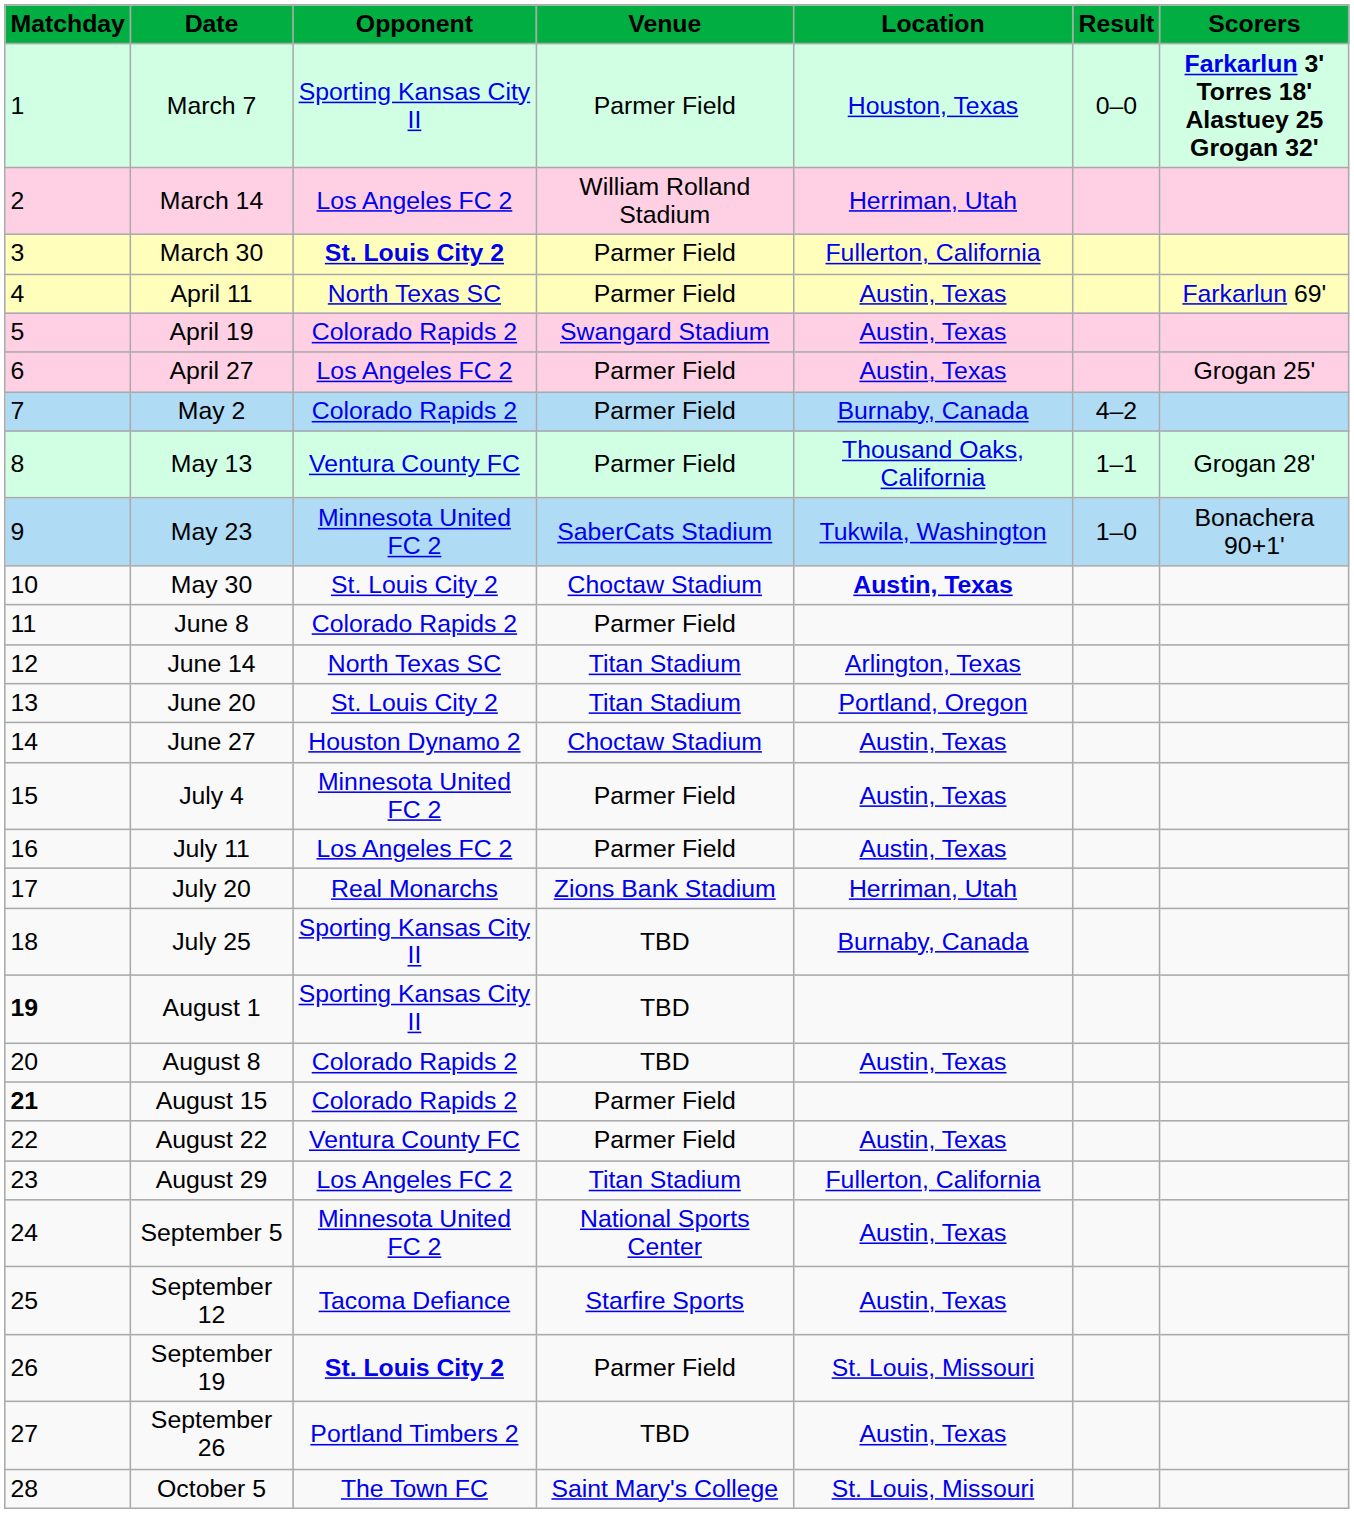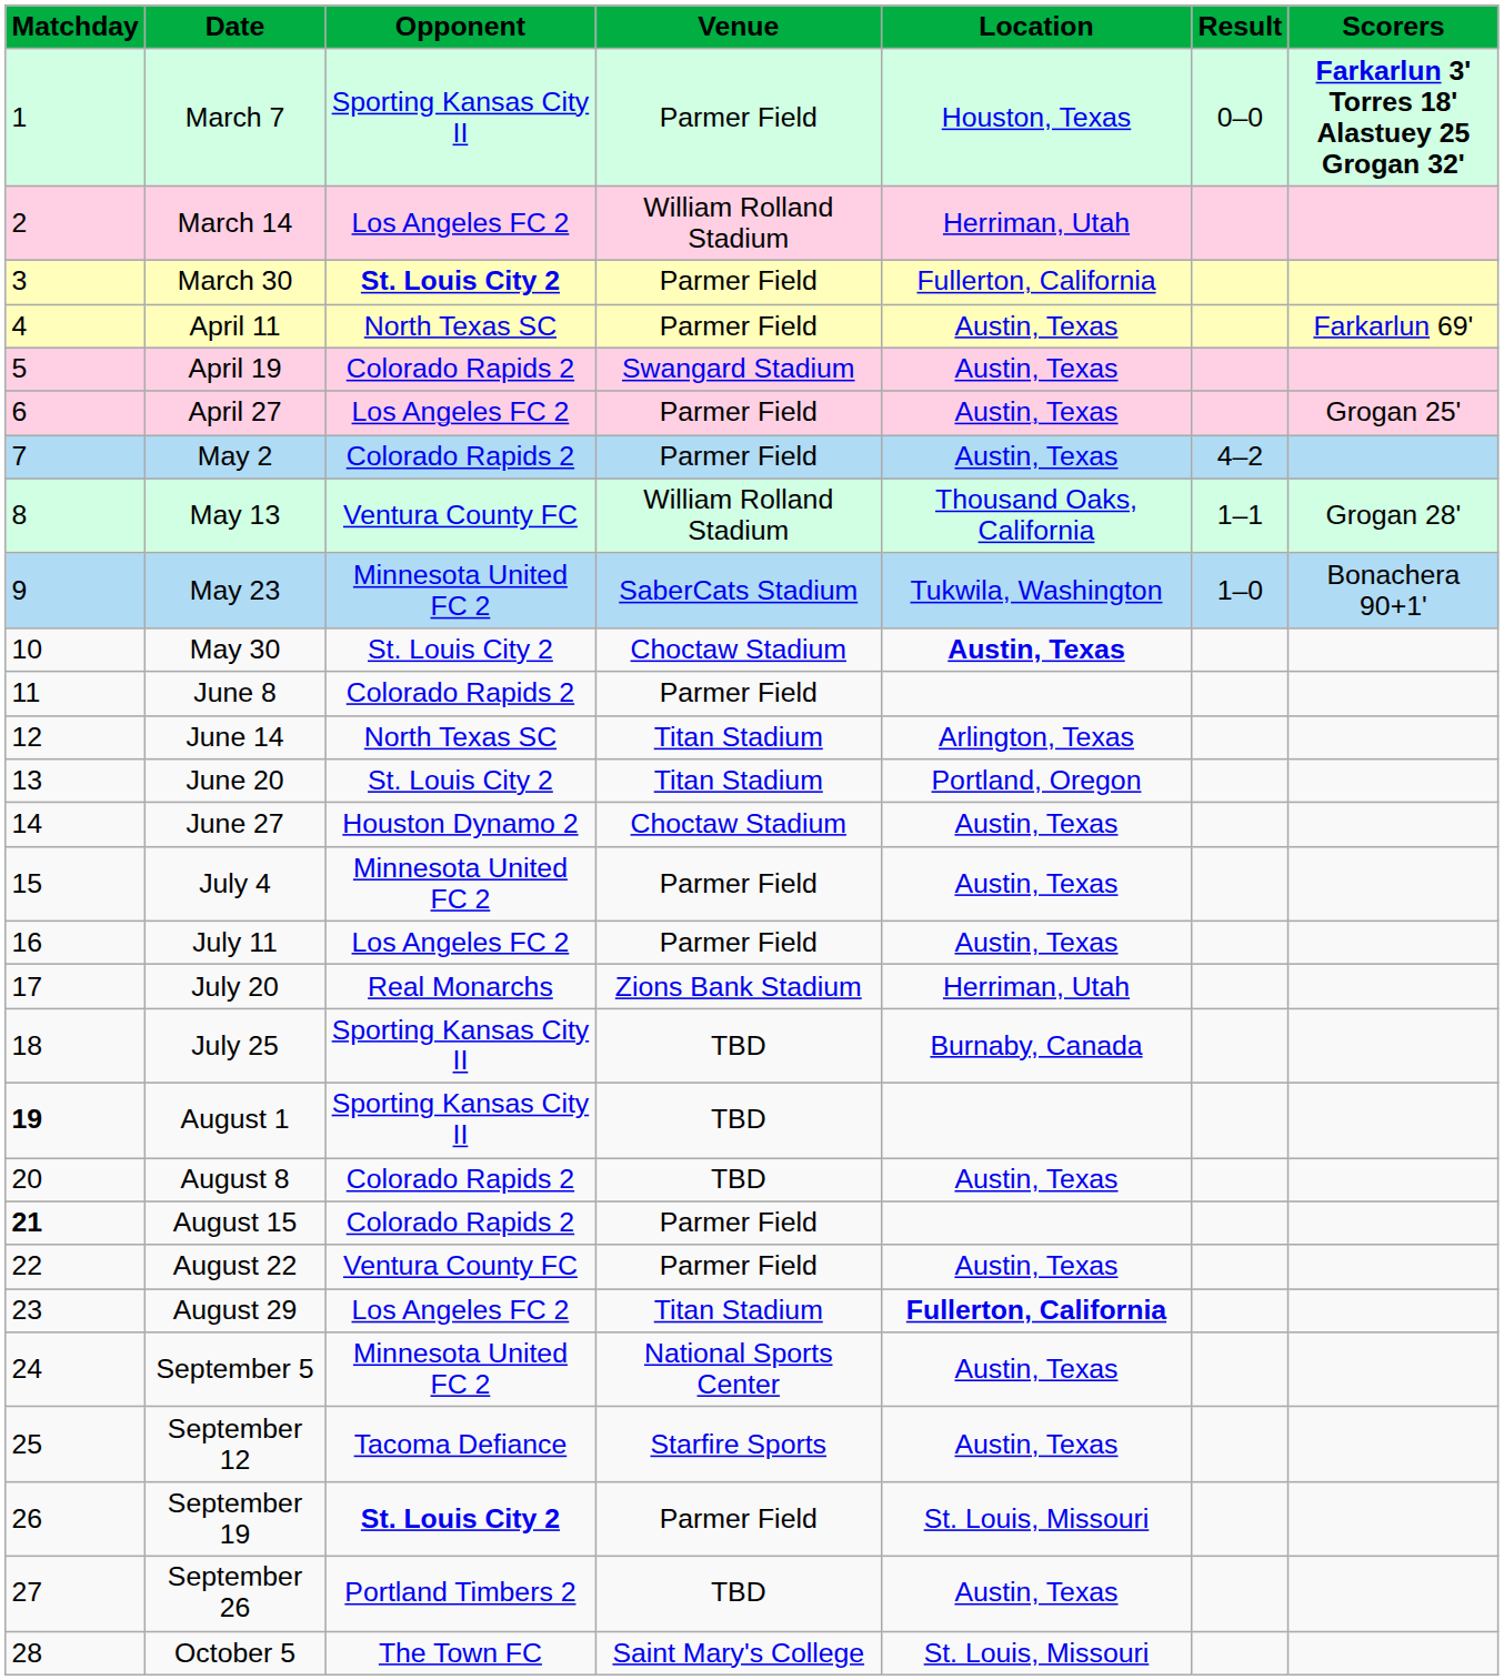 <table class="wikitable" align="center">
 <tr>
 <th style="background:#00AE42; color:black;">Matchday</th>
 <th style="background:#00AE42; color:black;">Date</th>
 <th style="background:#00AE42; color:black;">Opponent</th>
 <th style="background:#00AE42; color:black;">Venue</th>
 <th style="background:#00AE42; color:black;">Location</th>
 <th style="background:#00AE42; color:black;">Result</th>
 <th style="background:#00AE42; color:black;">Scorers</th>
 </tr>
 <tr bgcolor = d0ffe3>
 <td>1</td>
 <td align="center">March 7</td>
 <td align="center"><a href='#'>Sporting Kansas City II</a></td>
 <td align="center">Parmer Field</td>
 <td align="center"><a href='#'>Houston, Texas</a></td>
 <td align="center">0–0<br></td>
 <td align="center"><strong><a href='#'>Farkarlun</a> 3'<br>Torres 18'<br>Alastuey 25<br>Grogan 32'</strong></td>
 </tr>
 <tr bgcolor = ffd0e3>
 <td>2</td>
 <td align="center">March 14</td>
 <td align="center"><a href='#'>Los Angeles FC 2</a></td>
 <td align="center">William Rolland Stadium</td>
 <td align="center"><a href='#'>Herriman, Utah</a></td>
 <td align="center"></td>
 <td align="center"></td>
 </tr>
 <tr bgcolor = ffffbb>
 <td>3</td>
 <td align="center">March 30</td>
 <td align="center"><strong><a href='#'>St. Louis City 2</a></strong></td>
 <td align="center">Parmer Field</td>
 <td align="center"><a href='#'>Fullerton, California</a></td>
 <td align="center"><br></td>
 <td align="center"></td>
 </tr>
 <tr bgcolor = ffffbb>
 <td>4</td>
 <td align="center">April 11</td>
 <td align="center"><a href='#'>North Texas SC</a></td>
 <td align="center">Parmer Field</td>
 <td align="center"><a href='#'>Austin, Texas</a></td>
 <td align="center"><br></td>
 <td align="center"><a href='#'>Farkarlun</a> 69'</td>
 </tr>
 <tr bgcolor = ffd0e3>
 <td>5</td>
 <td align="center">April 19</td>
 <td align="center"><a href='#'>Colorado Rapids 2</a></td>
 <td align="center"><a href='#'>Swangard Stadium</a></td>
 <td align="center"><a href='#'>Austin, Texas</a></td>
 <td align="center"></td>
 <td align="center"></td>
 </tr>
 <tr bgcolor = ffd0e3>
 <td>6</td>
 <td align="center">April 27</td>
 <td align="center"><a href='#'>Los Angeles FC 2</a></td>
 <td align="center">Parmer Field</td>
 <td align="center"><a href='#'>Austin, Texas</a></td>
 <td align="center"></td>
 <td align="center">Grogan 25'</td>
 </tr>
 <tr bgcolor = AFDBF5>
 <td>7</td>
 <td align="center">May 2</td>
 <td align="center"><a href='#'>Colorado Rapids 2</a></td>
 <td align="center">Parmer Field</td>
-<td align="center"><a href='#'>Burnaby, Canada</a></td>
+<td align="center"><a href='#'>Austin, Texas</a></td>
 <td align="center">4–2</td>
 <td align="center"></td>
 </tr>
 <tr bgcolor = d0ffe3>
 <td>8</td>
 <td align="center">May 13</td>
 <td align="center"><a href='#'>Ventura County FC</a></td>
-<td align="center">Parmer Field</td>
+<td align="center">William Rolland Stadium</td>
 <td align="center"><a href='#'>Thousand Oaks, California</a></td>
 <td align="center">1–1<br></td>
 <td align="center">Grogan 28'</td>
 </tr>
 <tr bgcolor = AFDBF5>
 <td>9</td>
 <td align="center">May 23</td>
 <td align="center"><a href='#'>Minnesota United FC 2</a></td>
 <td align="center"><a href='#'>SaberCats Stadium</a></td>
 <td align="center"><a href='#'>Tukwila, Washington</a></td>
 <td align="center">1–0</td>
 <td align="center">Bonachera 90+1'</td>
 </tr>
 <tr bgcolor =>
 <td>10</td>
 <td align="center">May 30</td>
 <td align="center"><a href='#'>St. Louis City 2</a></td>
 <td align="center"><a href='#'>Choctaw Stadium</a></td>
 <td align="center"><strong><a href='#'>Austin, Texas</a></strong></td>
 <td align="center"></td>
 <td align="center"></td>
 </tr>
 <tr bgcolor =>
 <td>11</td>
 <td align="center">June 8</td>
 <td align="center"><a href='#'>Colorado Rapids 2</a></td>
 <td align="center">Parmer Field</td>
 <td align="center"></td>
 <td align="center"></td>
 <td align="center"></td>
 </tr>
 <tr bgcolor =>
 <td>12</td>
 <td align="center">June 14</td>
 <td align="center"><a href='#'>North Texas SC</a></td>
 <td align="center"><a href='#'>Titan Stadium</a></td>
 <td align="center"><a href='#'>Arlington, Texas</a></td>
 <td align="center"></td>
 <td align="center"></td>
 </tr>
 <tr bgcolor =>
 <td>13</td>
 <td align="center">June 20</td>
 <td align="center"><a href='#'>St. Louis City 2</a></td>
 <td align="center"><a href='#'>Titan Stadium</a></td>
 <td align="center"><a href='#'>Portland, Oregon</a></td>
 <td align="center"></td>
 <td align="center"></td>
 </tr>
 <tr bgcolor =>
 <td>14</td>
 <td align="center">June 27</td>
 <td align="center"><a href='#'>Houston Dynamo 2</a></td>
 <td align="center"><a href='#'>Choctaw Stadium</a></td>
 <td align="center"><a href='#'>Austin, Texas</a></td>
 <td align="center"></td>
 <td align="center"></td>
 </tr>
 <tr bgcolor =>
 <td>15</td>
 <td align="center">July 4</td>
 <td align="center"><a href='#'>Minnesota United FC 2</a></td>
 <td align="center">Parmer Field</td>
 <td align="center"><a href='#'>Austin, Texas</a></td>
 <td align="center"></td>
 <td align="center"></td>
 </tr>
 <tr bgcolor =>
 <td>16</td>
 <td align="center">July 11</td>
 <td align="center"><a href='#'>Los Angeles FC 2</a></td>
 <td align="center">Parmer Field</td>
 <td align="center"><a href='#'>Austin, Texas</a></td>
 <td align="center"></td>
 <td align="center"></td>
 </tr>
 <tr bgcolor =>
 <td>17</td>
 <td align="center">July 20</td>
 <td align="center"><a href='#'>Real Monarchs</a></td>
 <td align="center"><a href='#'>Zions Bank Stadium</a></td>
 <td align="center"><a href='#'>Herriman, Utah</a></td>
 <td align="center"></td>
 <td align="center"></td>
 </tr>
 <tr bgcolor =>
 <td>18</td>
 <td align="center">July 25</td>
 <td align="center"><a href='#'>Sporting Kansas City II</a></td>
 <td align="center">TBD</td>
 <td align="center"><a href='#'>Burnaby, Canada</a></td>
 <td align="center"></td>
 <td align="center"></td>
 </tr>
 <tr bgcolor =>
 <td><strong>19</strong></td>
 <td align="center">August 1</td>
 <td align="center"><a href='#'>Sporting Kansas City II</a></td>
 <td align="center">TBD</td>
 <td align="center"></td>
 <td align="center"></td>
 <td align="center"></td>
 </tr>
 <tr bgcolor =>
 <td>20</td>
 <td align="center">August 8</td>
 <td align="center"><a href='#'>Colorado Rapids 2</a></td>
 <td align="center">TBD</td>
 <td align="center"><a href='#'>Austin, Texas</a></td>
 <td align="center"></td>
 <td align="center"></td>
 </tr>
 <tr bgcolor =>
 <td><strong>21</strong></td>
 <td align="center">August 15</td>
 <td align="center"><a href='#'>Colorado Rapids 2</a></td>
 <td align="center">Parmer Field</td>
 <td align="center"></td>
 <td align="center"></td>
 <td align="center"></td>
 </tr>
 <tr bgcolor =>
 <td>22</td>
 <td align="center">August 22</td>
 <td align="center"><a href='#'>Ventura County FC</a></td>
 <td align="center">Parmer Field</td>
 <td align="center"><a href='#'>Austin, Texas</a></td>
 <td align="center"></td>
 <td align="center"></td>
 </tr>
 <tr bgcolor =>
 <td>23</td>
 <td align="center">August 29</td>
 <td align="center"><a href='#'>Los Angeles FC 2</a></td>
 <td align="center"><a href='#'>Titan Stadium</a></td>
-<td align="center"><a href='#'>Fullerton, California</a></td>
+<td align="center"><strong><a href='#'>Fullerton, California</a></strong></td>
 <td align="center"></td>
 <td align="center"></td>
 </tr>
 <tr bgcolor =>
 <td>24</td>
 <td align="center">September 5</td>
 <td align="center"><a href='#'>Minnesota United FC 2</a></td>
 <td align="center"><a href='#'>National Sports Center</a></td>
 <td align="center"><a href='#'>Austin, Texas</a></td>
 <td align="center"></td>
 <td align="center"></td>
 </tr>
 <tr bgcolor =>
 <td>25</td>
 <td align="center">September 12</td>
 <td align="center"><a href='#'>Tacoma Defiance</a></td>
 <td align="center"><a href='#'>Starfire Sports</a></td>
 <td align="center"><a href='#'>Austin, Texas</a></td>
 <td align="center"></td>
 <td align="center"></td>
 </tr>
 <tr bgcolor =>
 <td>26</td>
 <td align="center">September 19</td>
 <td align="center"><strong><a href='#'>St. Louis City 2</a></strong></td>
 <td align="center">Parmer Field</td>
 <td align="center"><a href='#'>St. Louis, Missouri</a></td>
 <td align="center"></td>
 <td align="center"></td>
 </tr>
 <tr bgcolor =>
 <td>27</td>
 <td align="center">September 26</td>
 <td align="center"><a href='#'>Portland Timbers 2</a></td>
 <td align="center">TBD</td>
 <td align="center"><a href='#'>Austin, Texas</a></td>
 <td align="center"></td>
 <td align="center"></td>
 </tr>
 <tr bgcolor =>
 <td>28</td>
 <td align="center">October 5</td>
 <td align="center"><a href='#'>The Town FC</a></td>
 <td align="center"><a href='#'>Saint Mary's College</a></td>
 <td align="center"><a href='#'>St. Louis, Missouri</a></td>
 <td align="center"></td>
 <td align="center"></td>
 </tr>
 </table>
